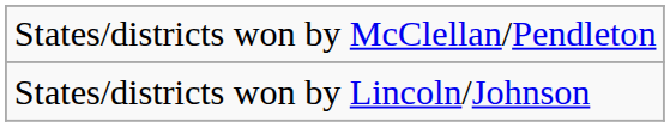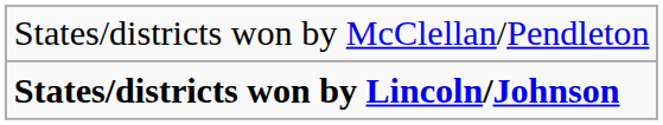 <table class="wikitable">
 <tr>
 <td>States/districts won by <a href='#'>McClellan</a>/<a href='#'>Pendleton</a></td>
 </tr>
 <tr>
-<td>States/districts won by <a href='#'>Lincoln</a>/<a href='#'>Johnson</a></td>
+<td><strong>States/districts won by <a href='#'>Lincoln</a>/<a href='#'>Johnson</a></strong></td>
 </tr>
 </table>
